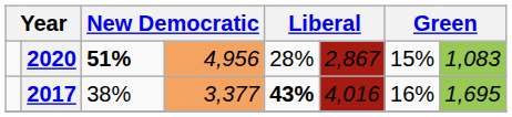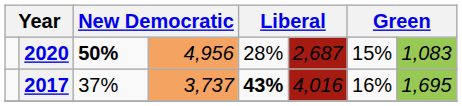 <table class="wikitable" style="float:right; width:400; font-size:90%; margin-left:1em;">
 <tr>
 <th colspan="2" scope="col">Year</th>
 <th colspan="2" scope="col"><a href='#'>New Democratic</a></th>
 <th colspan="2" scope="col"><a href='#'>Liberal</a></th>
 <th colspan="2" scope="col"><a href='#'>Green</a></th>
 </tr>
 <tr>
 <td style="width: 0.25em; background-color: "></td>
 <th><a href='#'>2020</a></th>
-<td><strong>51%</strong></td>
+<td><strong>50%</strong></td>
 <td style="text-align:right; background:#F4A460;"><em>4,956</em></td>
 <td><span> 28%</span></td>
-<td style="text-align:right; background:#A51B12;"><span> <em>2,867</em></span></td>
+<td style="text-align:right; background:#A51B12;"><span> <em>2,687</em></span></td>
 <td>15%</td>
 <td style="text-align:right; background:#99C955;"><em>1,083</em></td>
 </tr>
 <tr>
 <td style="width: 0.25em; background-color: "></td>
 <th><a href='#'>2017</a></th>
-<td>38%</td>
-<td style="text-align:right; background:#F4A460;"><em>3,377</em></td>
+<td>37%</td>
+<td style="text-align:right; background:#F4A460;"><em>3,737</em></td>
 <td><span> <strong>43%</strong></span></td>
 <td style="text-align:right; background:#A51B12;"><span> <em>4,016</em></span></td>
 <td>16%</td>
 <td style="text-align:right; background:#99C955;"><em>1,695</em></td>
 </tr>
 <tr>
 </tr>
 </table>
